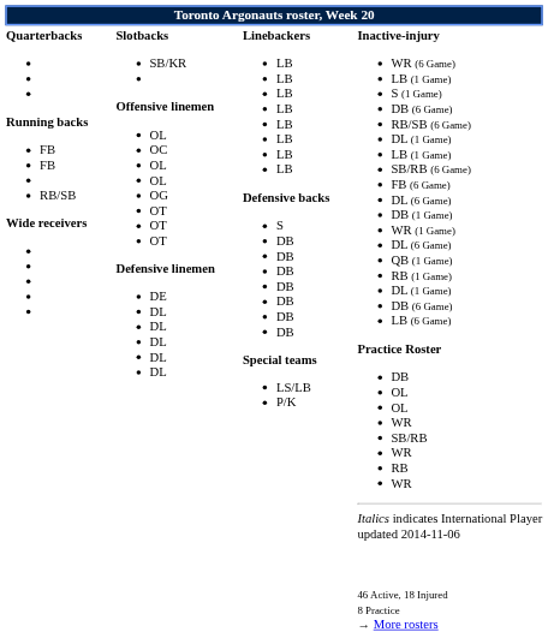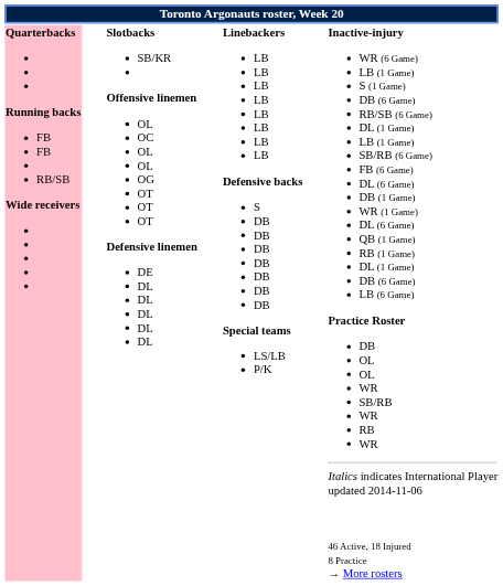 <table class="toccolours" style="text-align: left;">
 <tr>
 <th colspan="7" style="background-color: #002147; border:2px solid #6699FF;color:white;text-align:center;">Toronto Argonauts roster, Week 20</th>
 </tr>
 <tr>
-<td style="font-size: 95%;vertical-align:top;"><strong>Quarterbacks</strong><br><ul><li></li><li></li><li></li></ul><strong>Running backs</strong><ul><li> FB</li><li> FB</li><li></li><li> RB/SB</li></ul><strong>Wide receivers</strong><ul><li></li><li></li><li></li><li></li><li></li></ul></td>
+<td style="background: pink; font-size: 95%;vertical-align:top;"><strong>Quarterbacks</strong><br><ul><li></li><li></li><li></li></ul><strong>Running backs</strong><ul><li> FB</li><li> FB</li><li></li><li> RB/SB</li></ul><strong>Wide receivers</strong><ul><li></li><li></li><li></li><li></li><li></li></ul></td>
 <td style="width: 25px;"></td>
 <td style="font-size: 95%;vertical-align:top;"><strong>Slotbacks</strong><br><ul><li> SB/KR</li><li></li></ul><strong>Offensive linemen</strong><ul><li> OL</li><li> OC</li><li> OL</li><li> OL</li><li> OG</li><li> OT</li><li> OT</li><li> OT</li></ul><strong>Defensive linemen</strong><ul><li> DE</li><li> DL</li><li> DL</li><li> DL</li><li> DL</li><li> DL</li></ul></td>
 <td style="width: 25px;"></td>
 <td style="font-size: 95%;vertical-align:top;"><strong>Linebackers</strong><br><ul><li> LB</li><li> LB</li><li> LB</li><li> LB</li><li> LB</li><li> LB</li><li> LB</li><li> LB</li></ul><strong>Defensive backs</strong><ul><li> S</li><li> DB</li><li> DB</li><li> DB</li><li> DB</li><li> DB</li><li> DB</li><li> DB</li></ul><strong>Special teams</strong><ul><li> LS/LB</li><li> P/K</li></ul></td>
 <td style="width: 25px;"></td>
 <td style="font-size: 95%;vertical-align:top;"><strong>Inactive-injury</strong><br><ul><li> WR  <small>(6 Game)</small></li><li> LB  <small>(1 Game)</small></li><li> S  <small>(1 Game)</small></li><li> DB  <small>(6 Game)</small></li><li> RB/SB  <small>(6 Game)</small></li><li> DL  <small>(1 Game)</small></li><li> LB  <small>(1 Game)</small></li><li> SB/RB  <small>(6 Game)</small></li><li> FB  <small>(6 Game)</small></li><li> DL  <small>(6 Game)</small></li><li> DB  <small>(1 Game)</small></li><li> WR  <small>(1 Game)</small></li><li> DL  <small>(6 Game)</small></li><li> QB  <small>(1 Game)</small></li><li> RB <small>(1 Game)</small></li><li> DL  <small>(1 Game)</small></li><li> DB  <small>(6 Game)</small></li><li> LB  <small>(6 Game)</small></li></ul><strong>Practice Roster</strong><ul><li> DB</li><li> OL</li><li> OL</li><li> WR</li><li> SB/RB</li><li> WR</li><li> RB</li><li> WR</li></ul><hr> <em>Italics</em> indicates International Player<br> <span></span> updated 2014-11-06<br> <span></span><br> <span></span><br> <span></span><br> <small>46 Active, 18 Injured<br>8 Practice</small><br>→ <a href='#'>More rosters</a></td>
 </tr>
 <tr>
 </tr>
 </table>
